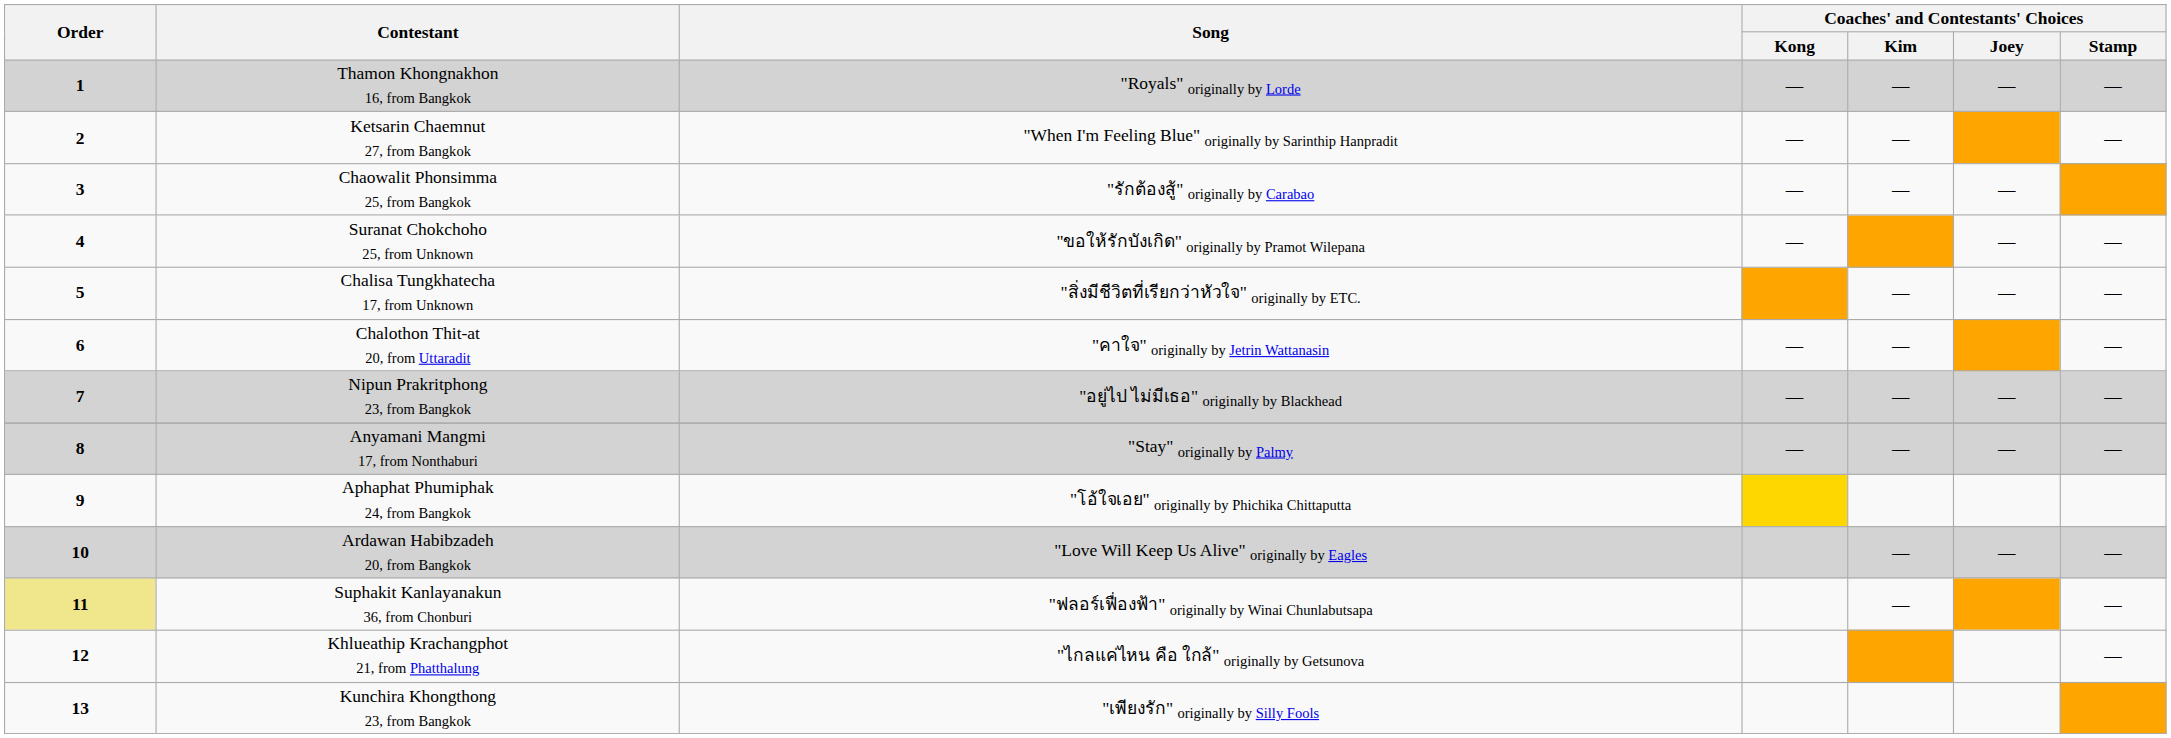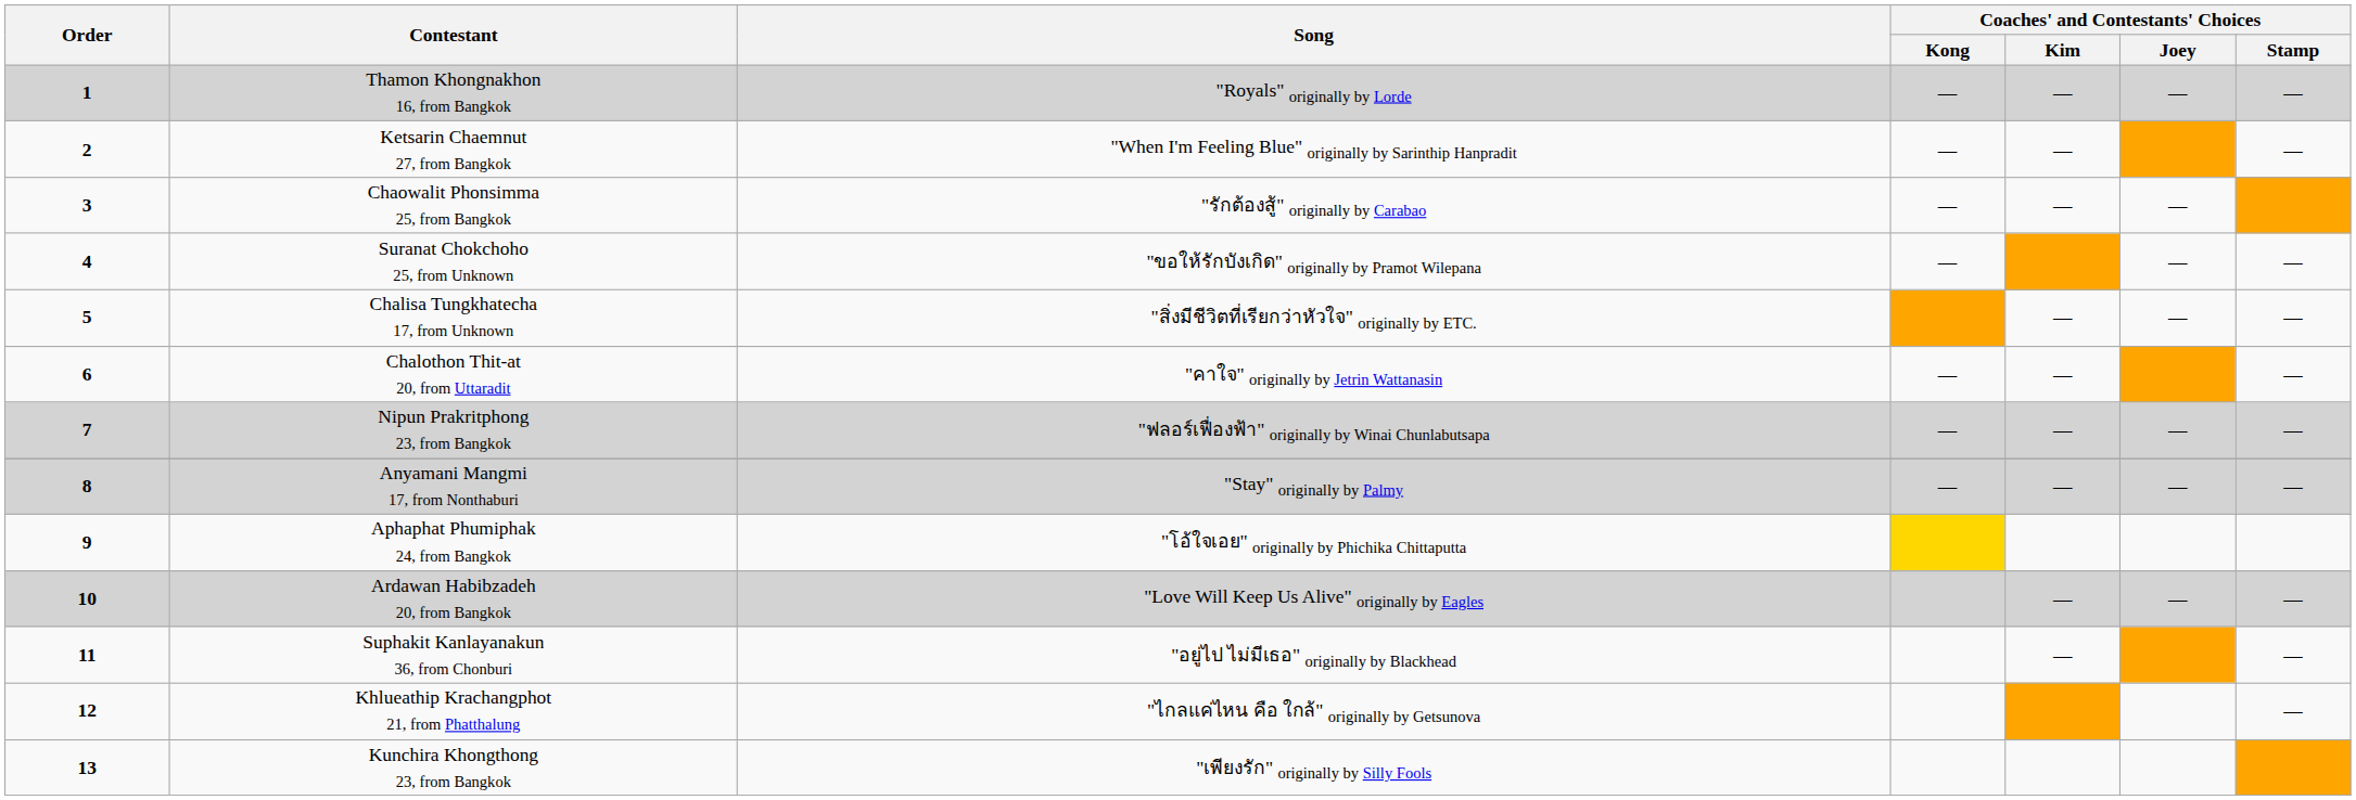 <table class="wikitable" style="text-align:center; width:100%;">
 <tr>
 <th rowspan=2>Order</th>
 <th rowspan=2>Contestant</th>
 <th rowspan=2>Song</th>
 <th colspan=4>Coaches' and Contestants' Choices</th>
 </tr>
 <tr>
 <th width="90">Kong</th>
 <th width="90">Kim</th>
 <th width="90">Joey</th>
 <th width="90">Stamp</th>
 </tr>
 <tr bgcolor=lightgrey>
 <td align="center"><strong>1</strong></td>
 <td>Thamon Khongnakhon<br><sub>16, from Bangkok</sub></td>
 <td>"Royals" <sub>originally by <a href='#'>Lorde</a></sub></td>
 <td style="text-align:center;">—</td>
 <td style="text-align:center;">—</td>
 <td style="text-align:center;">—</td>
 <td style="text-align:center;">—</td>
 </tr>
 <tr>
 <td align="center"><strong>2</strong></td>
 <td>Ketsarin Chaemnut<br><sub>27, from Bangkok</sub></td>
 <td>"When I'm Feeling Blue" <sub>originally by Sarinthip Hanpradit</sub></td>
 <td style="text-align:center;">—</td>
 <td style="text-align:center;">—</td>
 <td style="background:orange;text-align:center;"></td>
 <td style="text-align:center;">—</td>
 </tr>
 <tr>
 <td align="center"><strong>3</strong></td>
 <td>Chaowalit Phonsimma<br><sub>25, from Bangkok</sub></td>
 <td>"รักต้องสู้" <sub>originally by <a href='#'>Carabao</a></sub></td>
 <td style="text-align:center;">—</td>
 <td style="text-align:center;">—</td>
 <td style="text-align:center;">—</td>
 <td style="background:orange;text-align:center;"></td>
 </tr>
 <tr>
 <td align="center"><strong>4</strong></td>
 <td>Suranat Chokchoho<br><sub>25, from Unknown</sub></td>
 <td>"ขอให้รักบังเกิด" <sub>originally by Pramot Wilepana</sub></td>
 <td style="text-align:center;">—</td>
 <td style="background:orange;text-align:center;"></td>
 <td style="text-align:center;">—</td>
 <td style="text-align:center;">—</td>
 </tr>
 <tr>
 <td align="center"><strong>5</strong></td>
 <td>Chalisa Tungkhatecha<br><sub>17, from Unknown</sub></td>
 <td>"สิ่งมีชีวิตที่เรียกว่าหัวใจ" <sub>originally by ETC.</sub></td>
 <td style="background:orange;text-align:center;"></td>
 <td style="text-align:center;">—</td>
 <td style="text-align:center;">—</td>
 <td style="text-align:center;">—</td>
 </tr>
 <tr>
 <td align="center"><strong>6</strong></td>
 <td>Chalothon Thit-at<br><sub>20, from <a href='#'>Uttaradit</a></sub></td>
 <td>"คาใจ" <sub>originally by <a href='#'>Jetrin Wattanasin</a></sub></td>
 <td style="text-align:center;">—</td>
 <td style="text-align:center;">—</td>
 <td style="background:orange;text-align:center;"></td>
 <td style="text-align:center;">—</td>
 </tr>
 <tr bgcolor=lightgrey>
 <td align="center"><strong>7</strong></td>
 <td>Nipun  Prakritphong<br><sub>23, from Bangkok</sub></td>
-<td>"อยู่ไป ไม่มีเธอ" <sub>originally by Blackhead</sub></td>
+<td>"ฟลอร์เฟื่องฟ้า" <sub>originally by Winai Chunlabutsapa</sub></td>
 <td style="text-align:center;">—</td>
 <td style="text-align:center;">—</td>
 <td style="text-align:center;">—</td>
 <td style="text-align:center;">—</td>
 </tr>
 <tr>
 </tr>
 <tr bgcolor=lightgrey>
 <td align="center"><strong>8</strong></td>
 <td>Anyamani Mangmi<br><sub>17, from Nonthaburi</sub></td>
 <td>"Stay" <sub>originally by <a href='#'>Palmy</a></sub></td>
 <td style="text-align:center;">—</td>
 <td style="text-align:center;">—</td>
 <td style="text-align:center;">—</td>
 <td style="text-align:center;">—</td>
 </tr>
 <tr>
 <td align="center"><strong>9</strong></td>
 <td>Aphaphat Phumiphak<br><sub>24, from Bangkok</sub></td>
 <td>"โอ้ใจเอย" <sub>originally by Phichika Chittaputta</sub></td>
 <td style="background:gold;text-align:center;"></td>
 <td style="text-align:center;"></td>
 <td style="text-align:center;"></td>
 <td style="text-align:center;"></td>
 </tr>
 <tr bgcolor=lightgrey>
 <td align="center"><strong>10</strong></td>
 <td>Ardawan Habibzadeh<br><sub>20, from Bangkok</sub></td>
 <td>"Love Will Keep Us Alive" <sub>originally by <a href='#'>Eagles</a></sub></td>
 <td></td>
 <td style="text-align:center;">—</td>
 <td style="text-align:center;">—</td>
 <td style="text-align:center;">—</td>
 </tr>
 <tr>
-<td align="center" style="background: khaki;"><strong>11</strong></td>
+<td align="center"><strong>11</strong></td>
 <td>Suphakit Kanlayanakun<br><sub>36, from Chonburi</sub></td>
-<td>"ฟลอร์เฟื่องฟ้า" <sub>originally by Winai Chunlabutsapa</sub></td>
+<td>"อยู่ไป ไม่มีเธอ" <sub>originally by Blackhead</sub></td>
 <td></td>
 <td style="text-align:center;">—</td>
 <td style="background:orange;text-align:center;"></td>
 <td style="text-align:center;">—</td>
 </tr>
 <tr>
 <td align="center"><strong>12</strong></td>
 <td>Khlueathip Krachangphot<br><sub>21, from <a href='#'>Phatthalung</a></sub></td>
 <td>"ไกลแค่ไหน คือ ใกล้" <sub>originally by Getsunova</sub></td>
 <td></td>
 <td style="background:orange;text-align:center;"></td>
 <td></td>
 <td style="text-align:center;">—</td>
 </tr>
 <tr>
 <td align="center"><strong>13</strong></td>
 <td>Kunchira Khongthong<br><sub>23, from Bangkok</sub></td>
 <td>"เพียงรัก" <sub>originally by <a href='#'>Silly Fools</a></sub></td>
 <td></td>
 <td></td>
 <td></td>
 <td style="background:orange;text-align:center;"></td>
 </tr>
 <tr>
 </tr>
 </table>
